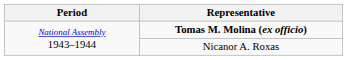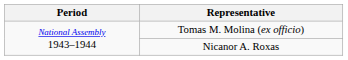 <table class="wikitable" style="text-align:center; width:40%;">
 <tr>
 <th width="40%">Period</th>
 <th>Representative</th>
 </tr>
 <tr>
 <td rowspan="2"><small><a href='#'><em>National Assembly</em></a></small><br>1943–1944</td>
-<td><strong>Tomas M. Molina (<em>ex officio</em>)</strong></td>
+<td>Tomas M. Molina (<em>ex officio</em>)</td>
 </tr>
 <tr>
 <td>Nicanor A. Roxas</td>
 </tr>
 </table>
